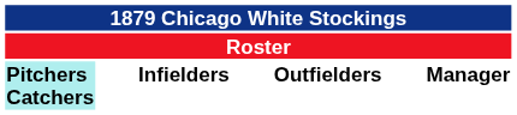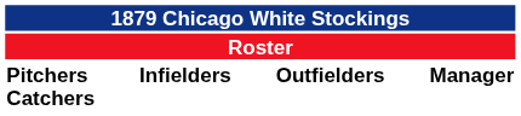 <table class="toccolours" style="font-size: 95%;">
 <tr>
 <th colspan="10" style="background-color: #0e3386; color: white; text-align: center;">1879 Chicago White Stockings</th>
 </tr>
 <tr>
 <td colspan="10" style="background-color: #EE1422; color: white; text-align: center;"><strong>Roster</strong></td>
 </tr>
 <tr>
-<td valign="top" style="background: paleturquoise;"><strong>Pitchers</strong><br>  <strong>Catchers</strong>  </td>
+<td valign="top"><strong>Pitchers</strong><br>  <strong>Catchers</strong>  </td>
 <td width="25px"></td>
 <td valign="top"><strong>Infielders</strong><br>      </td>
 <td width="25px"></td>
 <td valign="top"><strong>Outfielders</strong><br>    </td>
 <td width="25px"></td>
 <td valign="top"><strong>Manager</strong><br> </td>
 </tr>
 <tr>
 </tr>
 </table>
